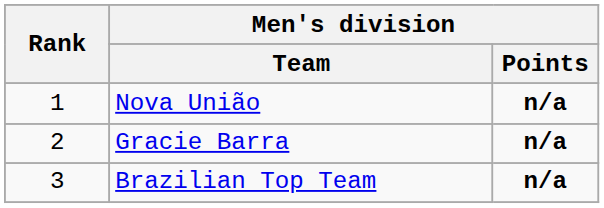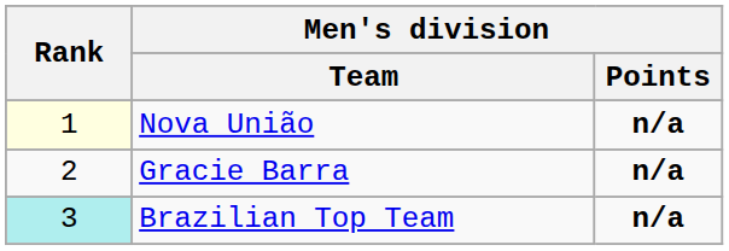 <table class="wikitable" style="text-align:center;">
 <tr>
 <th rowspan="2" width="50">Rank</th>
 <th colspan="2">Men's division</th>
 </tr>
 <tr>
 <th width="200">Team</th>
 <th width="50">Points</th>
 </tr>
 <tr>
-<td>1</td>
+<td style="background: lightyellow;">1</td>
 <td style=text-align:left><a href='#'>Nova União</a></td>
 <td><strong>n/a</strong></td>
 </tr>
 <tr>
 <td>2</td>
 <td style=text-align:left><a href='#'>Gracie Barra</a></td>
 <td><strong>n/a</strong></td>
 </tr>
 <tr>
-<td>3</td>
+<td style="background: paleturquoise;">3</td>
 <td style=text-align:left><a href='#'>Brazilian Top Team</a></td>
 <td><strong>n/a</strong></td>
 </tr>
 </table>
